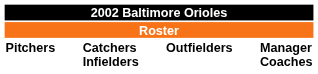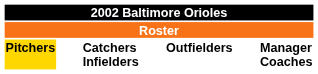 <table class="toccolours" style="font-size: 95%;">
 <tr>
 <th colspan="10" style="background-color: black; color: #FFFFFF; text-align: center;">2002 Baltimore Orioles</th>
 </tr>
 <tr>
 <td colspan="10" style="background-color: #F87217; color: white; text-align: center;"><strong>Roster</strong></td>
 </tr>
 <tr>
-<td valign="top"><strong>Pitchers</strong><br>                  </td>
+<td valign="top" style="background: gold;"><strong>Pitchers</strong><br>                  </td>
 <td width="25px"></td>
 <td valign="top"><strong>Catchers</strong><br>     <strong>Infielders</strong>            </td>
 <td width="25px"></td>
 <td valign="top"><strong>Outfielders</strong><br>        </td>
 <td width="25px"></td>
 <td valign="top"><strong>Manager</strong><br> <strong>Coaches</strong>      </td>
 </tr>
 </table>
